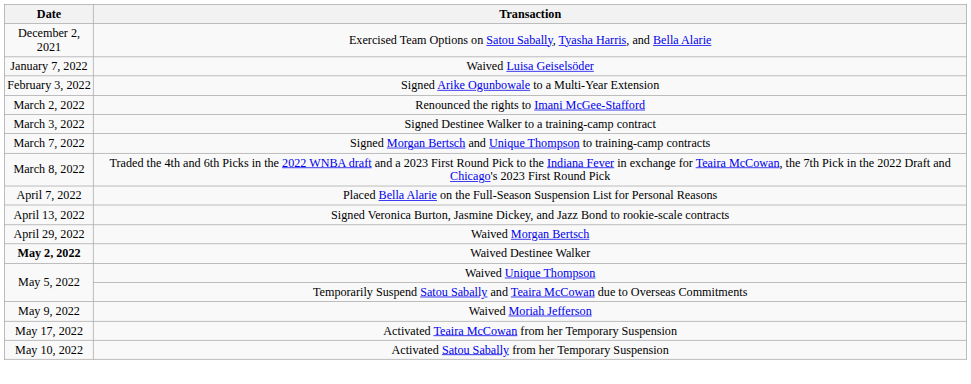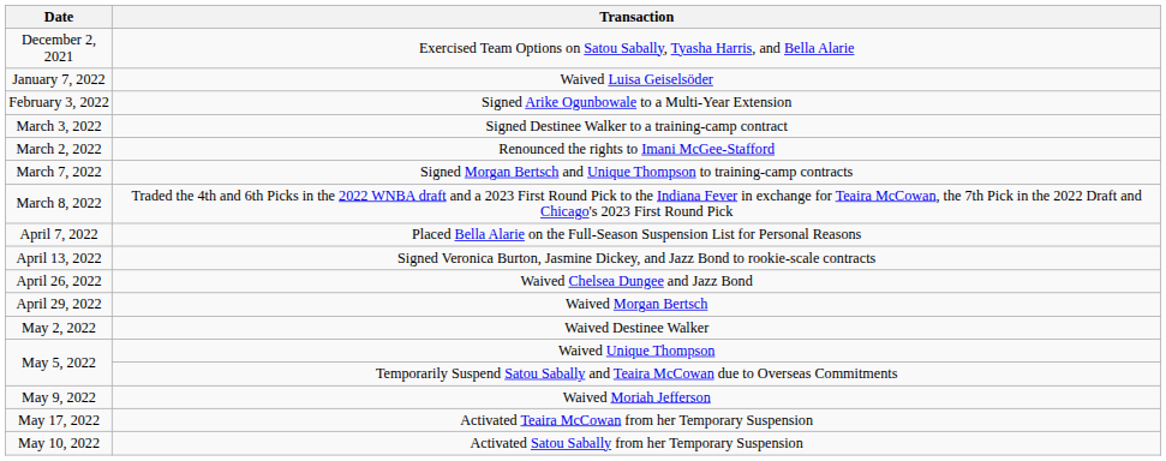 <table class="wikitable" style="width:80%; text-align: center">
 <tr>
 <th>Date</th>
 <th>Transaction</th>
 </tr>
 <tr>
 <td>December 2, 2021</td>
 <td>Exercised Team Options on <a href='#'>Satou Sabally</a>, <a href='#'>Tyasha Harris</a>, and <a href='#'>Bella Alarie</a></td>
 </tr>
 <tr>
 <td>January 7, 2022</td>
 <td>Waived <a href='#'>Luisa Geiselsöder</a>  </td>
 </tr>
 <tr>
 <td>February 3, 2022</td>
 <td>Signed <a href='#'>Arike Ogunbowale</a> to a Multi-Year Extension</td>
 </tr>
 <tr>
+<td>March 3, 2022</td>
+<td>Signed Destinee Walker to a training-camp contract</td>
+</tr>
+<tr>
 <td>March 2, 2022</td>
 <td>Renounced the rights to <a href='#'>Imani McGee-Stafford</a></td>
-</tr>
-<tr>
-<td>March 3, 2022</td>
-<td>Signed Destinee Walker to a training-camp contract</td>
 </tr>
 <tr>
 <td>March 7, 2022</td>
 <td>Signed <a href='#'>Morgan Bertsch</a> and <a href='#'>Unique Thompson</a> to training-camp contracts</td>
 </tr>
 <tr>
 <td>March 8, 2022</td>
 <td>Traded the 4th and 6th Picks in the <a href='#'>2022 WNBA draft</a> and a 2023 First Round Pick to the <a href='#'>Indiana Fever</a> in exchange for <a href='#'>Teaira McCowan</a>, the 7th Pick in the 2022 Draft and <a href='#'>Chicago</a>'s 2023 First Round Pick</td>
 </tr>
 <tr>
 <td>April 7, 2022</td>
 <td>Placed <a href='#'>Bella Alarie</a> on the Full-Season Suspension List for Personal Reasons</td>
 </tr>
 <tr>
 <td>April 13, 2022</td>
 <td>Signed Veronica Burton, Jasmine Dickey, and Jazz Bond to rookie-scale contracts</td>
 </tr>
 <tr>
+<td>April 26, 2022</td>
+<td>Waived <a href='#'>Chelsea Dungee</a> and Jazz Bond</td>
+</tr>
+<tr>
 <td>April 29, 2022</td>
 <td>Waived <a href='#'>Morgan Bertsch</a></td>
 </tr>
 <tr>
-<td><strong>May 2, 2022</strong></td>
+<td>May 2, 2022</td>
 <td>Waived Destinee Walker</td>
 </tr>
 <tr>
 <td rowspan=2>May 5, 2022</td>
 <td>Waived <a href='#'>Unique Thompson</a></td>
 </tr>
 <tr>
 <td>Temporarily Suspend <a href='#'>Satou Sabally</a> and <a href='#'>Teaira McCowan</a> due to Overseas Commitments</td>
 </tr>
 <tr>
 <td>May 9, 2022</td>
 <td>Waived <a href='#'>Moriah Jefferson</a></td>
 </tr>
 <tr>
 <td>May 17, 2022</td>
 <td>Activated <a href='#'>Teaira McCowan</a> from her Temporary Suspension</td>
 </tr>
 <tr>
 <td>May 10, 2022</td>
 <td>Activated <a href='#'>Satou Sabally</a> from her Temporary Suspension</td>
 </tr>
 </table>
